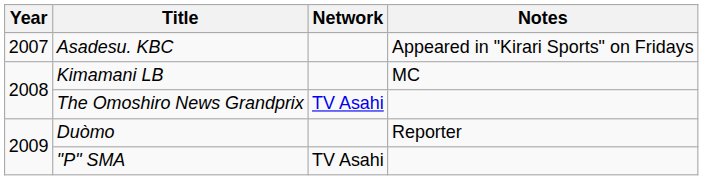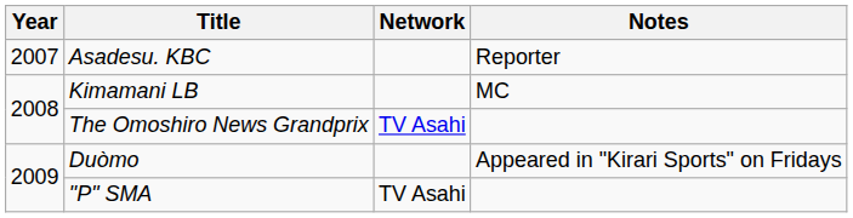 <table class="wikitable">
 <tr>
 <th>Year</th>
 <th>Title</th>
 <th>Network</th>
 <th>Notes</th>
 </tr>
 <tr>
 <td>2007</td>
 <td><em>Asadesu. KBC</em></td>
 <td></td>
-<td>Appeared in "Kirari Sports" on Fridays</td>
+<td>Reporter</td>
 </tr>
 <tr>
 <td rowspan="2">2008</td>
 <td><em>Kimamani LB</em></td>
 <td></td>
 <td>MC</td>
 </tr>
 <tr>
 <td><em>The Omoshiro News Grandprix</em></td>
 <td><a href='#'>TV Asahi</a></td>
 <td></td>
 </tr>
 <tr>
 <td rowspan="2">2009</td>
 <td><em>Duòmo</em></td>
 <td></td>
-<td>Reporter</td>
+<td>Appeared in "Kirari Sports" on Fridays</td>
 </tr>
 <tr>
 <td><em>"P" SMA</em></td>
 <td>TV Asahi</td>
 <td></td>
 </tr>
 </table>
